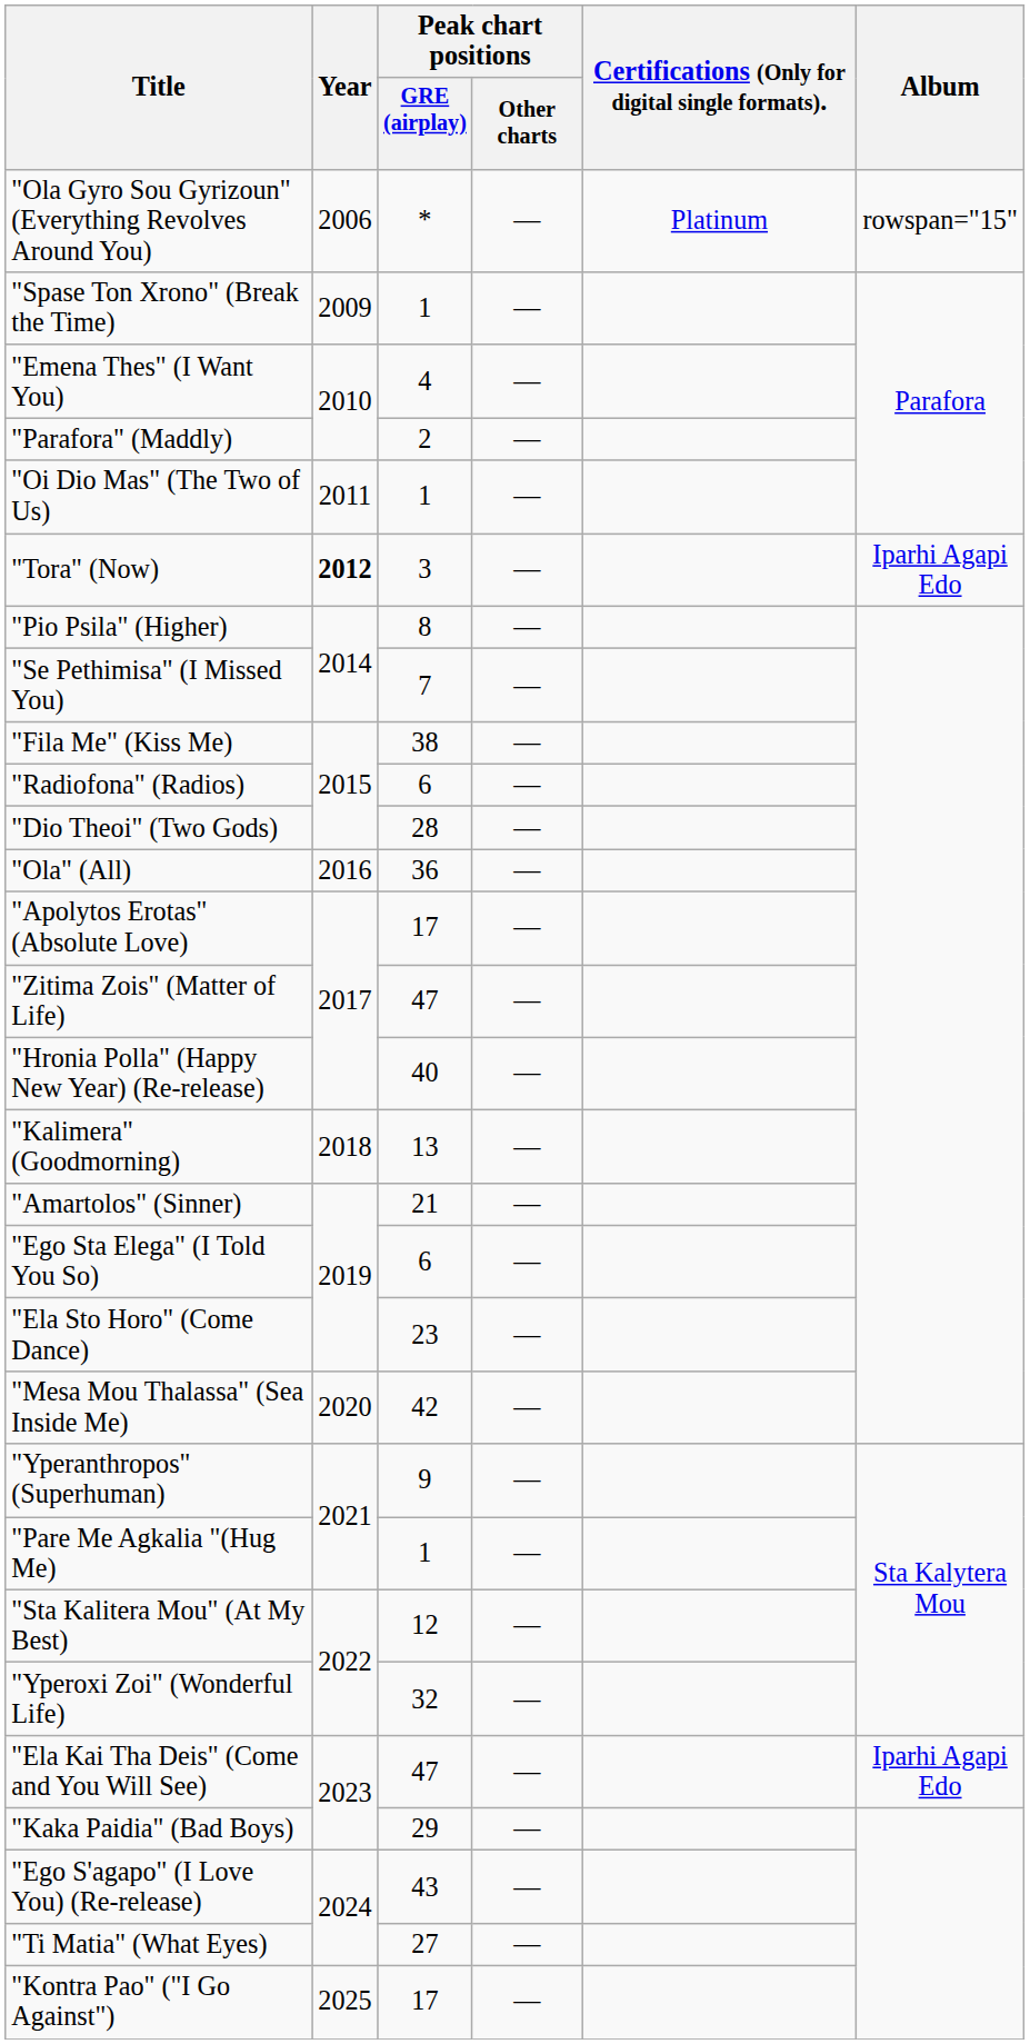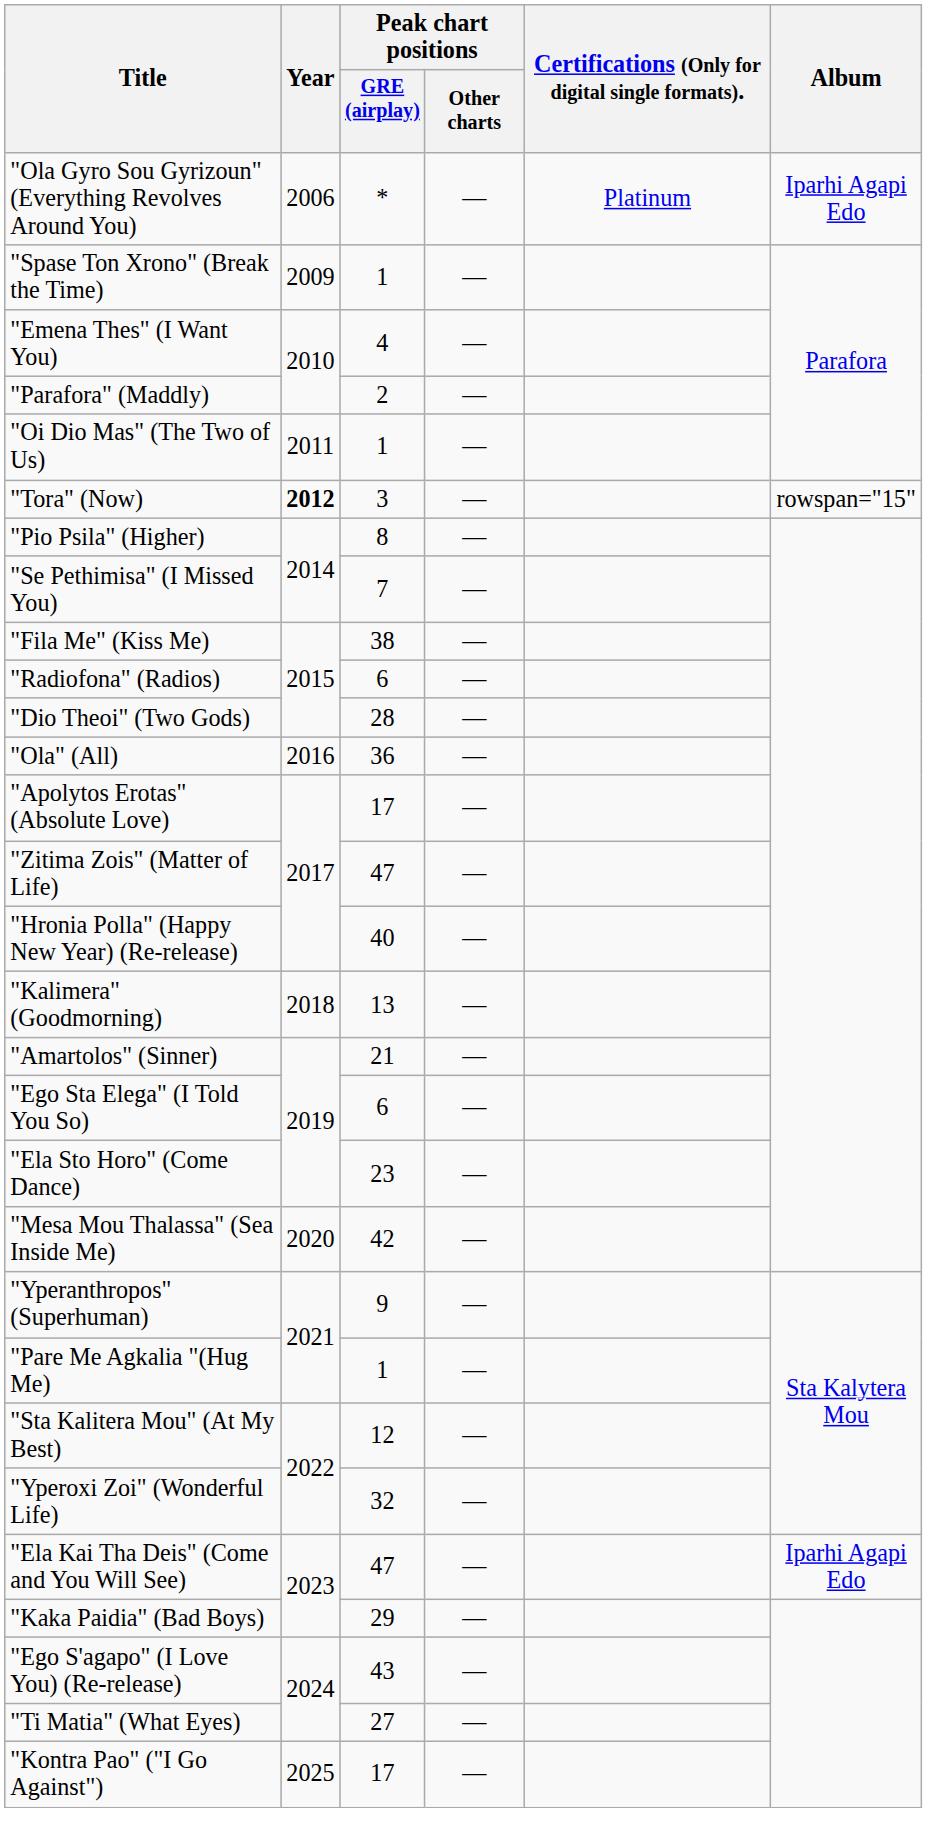 <table class="wikitable" style="text-align:center;">
 <tr>
 <th rowspan="2" scope="col" style="width:20em;">Title</th>
 <th rowspan="2">Year</th>
 <th colspan="2">Peak chart positions</th>
 <th scope="col" rowspan="2" style="width:18em;"><a href='#'>Certifications</a> <small>(Only for digital single formats)</small>.</th>
 <th rowspan="2">Album</th>
 </tr>
 <tr style="font-size:smaller">
 <th width="30"><a href='#'>GRE<br>(airplay)</a><br><br></th>
 <th width="110">Other charts</th>
 </tr>
 <tr>
 <td align="left">"Ola Gyro Sou Gyrizoun" (Everything Revolves Around You)</td>
 <td rowspan="1">2006</td>
 <td>*</td>
 <td>—</td>
 <td><a href='#'>Platinum</a></td>
-<td>rowspan="15"  </td>
+<td><a href='#'>Iparhi Agapi Edo</a></td>
 </tr>
 <tr>
 <td align="left">"Spase Ton Xrono" (Break the Time)</td>
 <td rowspan="1">2009</td>
 <td>1</td>
 <td>—</td>
 <td></td>
 <td rowspan="4"><a href='#'>Parafora</a></td>
 </tr>
 <tr>
 <td align="left">"Emena Thes" (I Want You)</td>
 <td rowspan="2">2010</td>
 <td>4</td>
 <td>—</td>
 <td></td>
 </tr>
 <tr>
 <td align="left">"Parafora" (Maddly)</td>
 <td>2</td>
 <td>—</td>
 <td></td>
 </tr>
 <tr>
 <td align="left">"Oi Dio Mas" (The Two of Us)</td>
 <td rowspan="1">2011</td>
 <td>1</td>
 <td>—</td>
 <td></td>
 </tr>
 <tr>
 <td align="left">"Tora" (Now)</td>
 <td rowspan="1"><strong>2012</strong></td>
 <td>3</td>
 <td>—</td>
 <td></td>
-<td><a href='#'>Iparhi Agapi Edo</a></td>
+<td>rowspan="15"  </td>
 </tr>
 <tr>
 <td align="left">"Pio Psila" (Higher)</td>
 <td rowspan="2">2014</td>
 <td>8</td>
 <td>—</td>
 <td></td>
 </tr>
 <tr>
 <td align="left">"Se Pethimisa" (I Missed You)</td>
 <td>7</td>
 <td>—</td>
 <td></td>
 </tr>
 <tr>
 <td align="left">"Fila Me" (Kiss Me)</td>
 <td rowspan="3">2015</td>
 <td>38</td>
 <td>—</td>
 <td></td>
 </tr>
 <tr>
 <td align="left">"Radiofona" (Radios)</td>
 <td>6</td>
 <td>—</td>
 <td></td>
 </tr>
 <tr>
 <td align="left">"Dio Theoi" (Two Gods)</td>
 <td>28</td>
 <td>—</td>
 <td></td>
 </tr>
 <tr>
 <td align="left">"Ola" (All)</td>
 <td rowspan="1">2016</td>
 <td>36</td>
 <td>—</td>
 <td></td>
 </tr>
 <tr>
 <td align="left">"Apolytos Erotas" (Absolute Love)</td>
 <td rowspan="3">2017</td>
 <td>17</td>
 <td>—</td>
 <td></td>
 </tr>
 <tr>
 <td align="left">"Zitima Zois" (Matter of Life)</td>
 <td>47</td>
 <td>—</td>
 <td></td>
 </tr>
 <tr>
 <td align="left">"Hronia Polla" (Happy New Year) (Re-release)</td>
 <td>40</td>
 <td>—</td>
 <td></td>
 </tr>
 <tr>
 <td align="left">"Kalimera" (Goodmorning)</td>
 <td>2018</td>
 <td>13</td>
 <td>—</td>
 <td></td>
 </tr>
 <tr>
 <td align="left">"Amartolos" (Sinner)</td>
 <td rowspan="3">2019</td>
 <td>21</td>
 <td>—</td>
 <td></td>
 </tr>
 <tr>
 <td align="left">"Ego Sta Elega" (I Told You So)</td>
 <td>6</td>
 <td>—</td>
 <td></td>
 </tr>
 <tr>
 <td align="left">"Ela Sto Horo" (Come Dance)</td>
 <td>23</td>
 <td>—</td>
 <td></td>
 </tr>
 <tr>
 <td align="left">"Mesa Mou Thalassa" (Sea Inside Me)</td>
 <td>2020</td>
 <td>42</td>
 <td>—</td>
 <td></td>
 </tr>
 <tr>
 <td align="left">"Yperanthropos" (Superhuman)</td>
 <td rowspan="2">2021</td>
 <td>9</td>
 <td>—</td>
 <td></td>
 <td rowspan="4"><a href='#'>Sta Kalytera Mou</a></td>
 </tr>
 <tr>
 <td align="left">"Pare Me Agkalia "(Hug Me)</td>
 <td>1</td>
 <td>—</td>
 <td></td>
 </tr>
 <tr>
 <td align="left">"Sta Kalitera Mou" (At My Best)</td>
 <td rowspan="2">2022</td>
 <td>12</td>
 <td>—</td>
 <td></td>
 </tr>
 <tr>
 <td align="left">"Yperoxi Zoi" (Wonderful Life)</td>
 <td>32</td>
 <td>—</td>
 <td></td>
 </tr>
 <tr>
 <td align="left">"Ela Kai Tha Deis" (Come and You Will See)</td>
 <td rowspan="2">2023</td>
 <td>47</td>
 <td>—</td>
 <td></td>
 <td><a href='#'>Iparhi Agapi Edo</a></td>
 </tr>
 <tr>
 <td align="left">"Kaka Paidia" (Bad Boys)</td>
 <td>29</td>
 <td>—</td>
 <td></td>
 </tr>
 <tr>
 <td align="left">"Ego S'agapo" (I Love You) (Re-release)</td>
 <td rowspan="2">2024</td>
 <td>43</td>
 <td>—</td>
 <td></td>
 </tr>
 <tr>
 <td align="left">"Ti Matia" (What Eyes)</td>
 <td>27</td>
 <td>—</td>
 <td></td>
 </tr>
 <tr>
 <td align="left">"Kontra Pao" ("I Go Against")</td>
 <td>2025</td>
 <td>17</td>
 <td>—</td>
 <td></td>
 </tr>
 </table>
